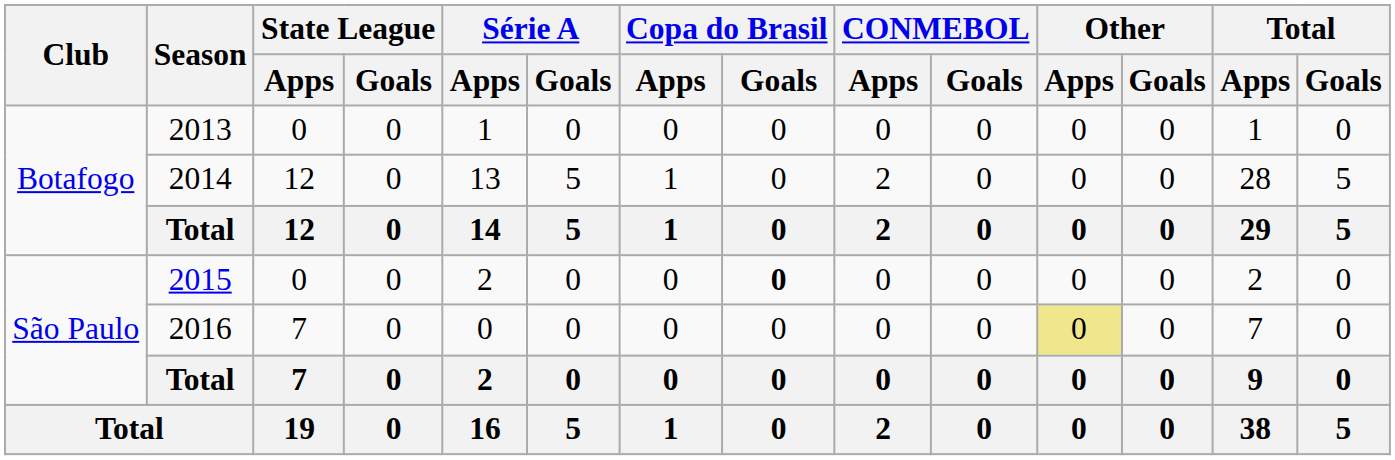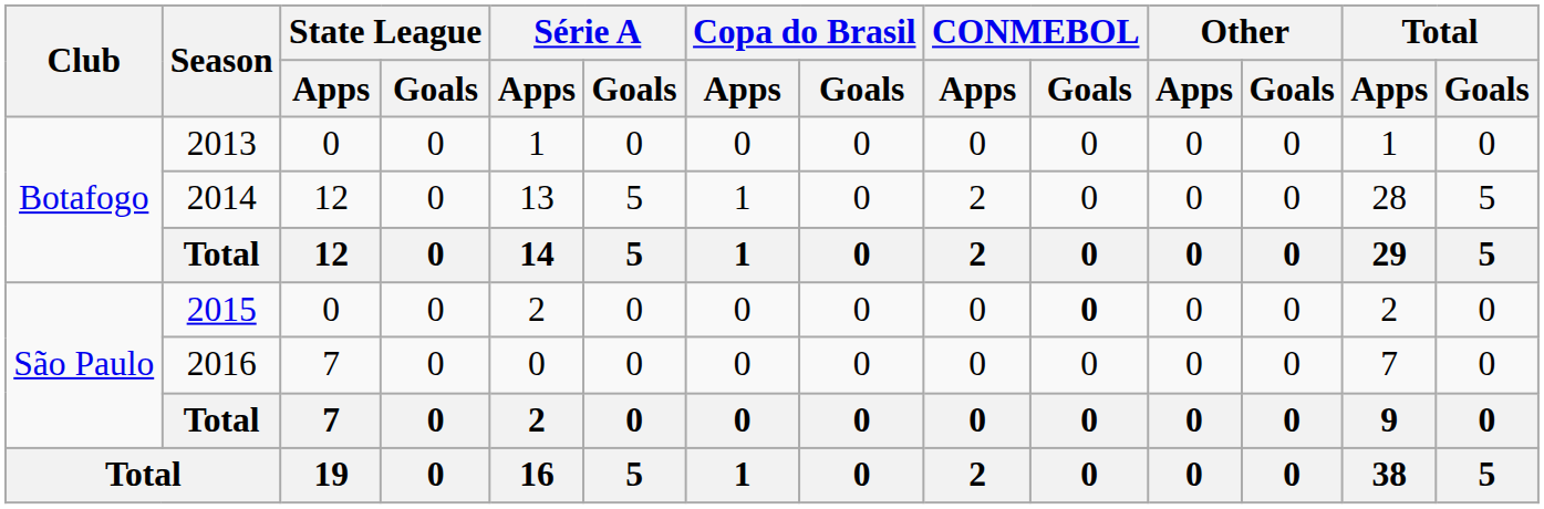 <table class="wikitable" style="text-align:center">
 <tr>
 <th rowspan="2">Club</th>
 <th rowspan="2">Season</th>
 <th colspan="2">State League</th>
 <th colspan="2"><a href='#'>Série A</a></th>
 <th colspan="2"><a href='#'>Copa do Brasil</a></th>
 <th colspan="2"><a href='#'>CONMEBOL</a></th>
 <th colspan="2">Other</th>
 <th colspan="2">Total</th>
 </tr>
 <tr>
 <th>Apps</th>
 <th>Goals</th>
 <th>Apps</th>
 <th>Goals</th>
 <th>Apps</th>
 <th>Goals</th>
 <th>Apps</th>
 <th>Goals</th>
 <th>Apps</th>
 <th>Goals</th>
 <th>Apps</th>
 <th>Goals</th>
 </tr>
 <tr>
 <td rowspan="3"><a href='#'>Botafogo</a></td>
 <td>2013</td>
 <td>0</td>
 <td>0</td>
 <td>1</td>
 <td>0</td>
 <td>0</td>
 <td>0</td>
 <td>0</td>
 <td>0</td>
 <td>0</td>
 <td>0</td>
 <td>1</td>
 <td>0</td>
 </tr>
 <tr>
 <td>2014</td>
 <td>12</td>
 <td>0</td>
 <td>13</td>
 <td>5</td>
 <td>1</td>
 <td>0</td>
 <td>2</td>
 <td>0</td>
 <td>0</td>
 <td>0</td>
 <td>28</td>
 <td>5</td>
 </tr>
 <tr>
 <th>Total</th>
 <th>12</th>
 <th>0</th>
 <th>14</th>
 <th>5</th>
 <th>1</th>
 <th>0</th>
 <th>2</th>
 <th>0</th>
 <th>0</th>
 <th>0</th>
 <th>29</th>
 <th>5</th>
 </tr>
 <tr>
 <td rowspan="3"><a href='#'>São Paulo</a></td>
 <td><a href='#'>2015</a></td>
 <td>0</td>
 <td>0</td>
 <td>2</td>
 <td>0</td>
 <td>0</td>
-<td><strong>0</strong></td>
 <td>0</td>
 <td>0</td>
+<td><strong>0</strong></td>
 <td>0</td>
 <td>0</td>
 <td>2</td>
 <td>0</td>
 </tr>
 <tr>
 <td>2016</td>
 <td>7</td>
 <td>0</td>
 <td>0</td>
 <td>0</td>
 <td>0</td>
 <td>0</td>
 <td>0</td>
 <td>0</td>
-<td style="background: khaki;">0</td>
+<td>0</td>
 <td>0</td>
 <td>7</td>
 <td>0</td>
 </tr>
 <tr>
 <th>Total</th>
 <th>7</th>
 <th>0</th>
 <th>2</th>
 <th>0</th>
 <th>0</th>
 <th>0</th>
 <th>0</th>
 <th>0</th>
 <th>0</th>
 <th>0</th>
 <th>9</th>
 <th>0</th>
 </tr>
 <tr>
 <th colspan="2">Total</th>
 <th>19</th>
 <th>0</th>
 <th>16</th>
 <th>5</th>
 <th>1</th>
 <th>0</th>
 <th>2</th>
 <th>0</th>
 <th>0</th>
 <th>0</th>
 <th>38</th>
 <th>5</th>
 </tr>
 </table>
